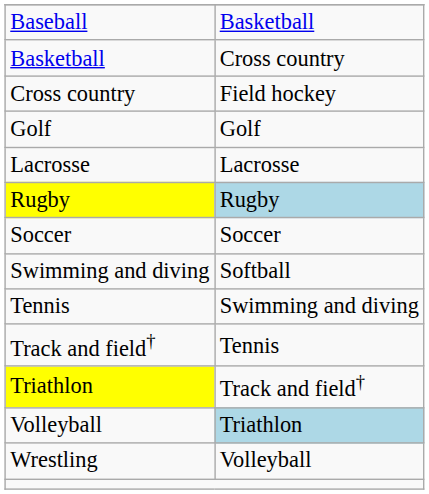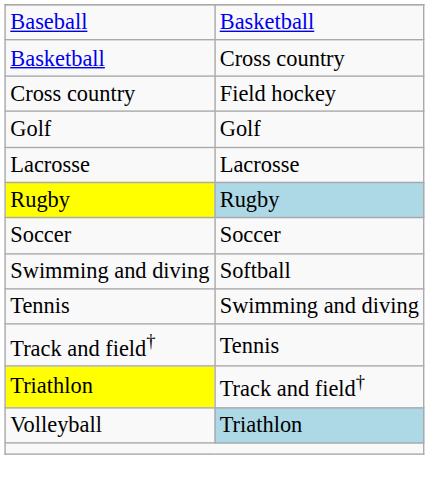 <table class="wikitable" style="float:center; clear:center; margin:0 0 1em 1em;">
 <tr>
 </tr>
 <tr>
 <td><a href='#'>Baseball</a></td>
 <td><a href='#'>Basketball</a></td>
 </tr>
 <tr>
 <td><a href='#'>Basketball</a></td>
 <td>Cross country</td>
 </tr>
 <tr>
 <td>Cross country</td>
 <td>Field hockey</td>
 </tr>
 <tr>
 <td>Golf</td>
 <td>Golf</td>
 </tr>
 <tr>
 <td>Lacrosse</td>
 <td>Lacrosse</td>
 </tr>
 <tr>
 <td bgcolor=yellow>Rugby</td>
 <td bgcolor=lightblue>Rugby</td>
 </tr>
 <tr>
 <td>Soccer</td>
 <td>Soccer</td>
 </tr>
 <tr>
 <td>Swimming and diving</td>
 <td>Softball</td>
 </tr>
 <tr>
 <td>Tennis</td>
 <td>Swimming and diving</td>
 </tr>
 <tr>
 <td>Track and field<sup>†</sup></td>
 <td>Tennis</td>
 </tr>
 <tr>
 <td bgcolor=yellow>Triathlon</td>
 <td>Track and field<sup>†</sup></td>
 </tr>
 <tr>
 <td>Volleyball</td>
 <td bgcolor=lightblue>Triathlon</td>
 </tr>
 <tr>
-<td>Wrestling</td>
-<td>Volleyball</td>
-</tr>
-<tr>
 <td colspan="2"></td>
 </tr>
 </table>
